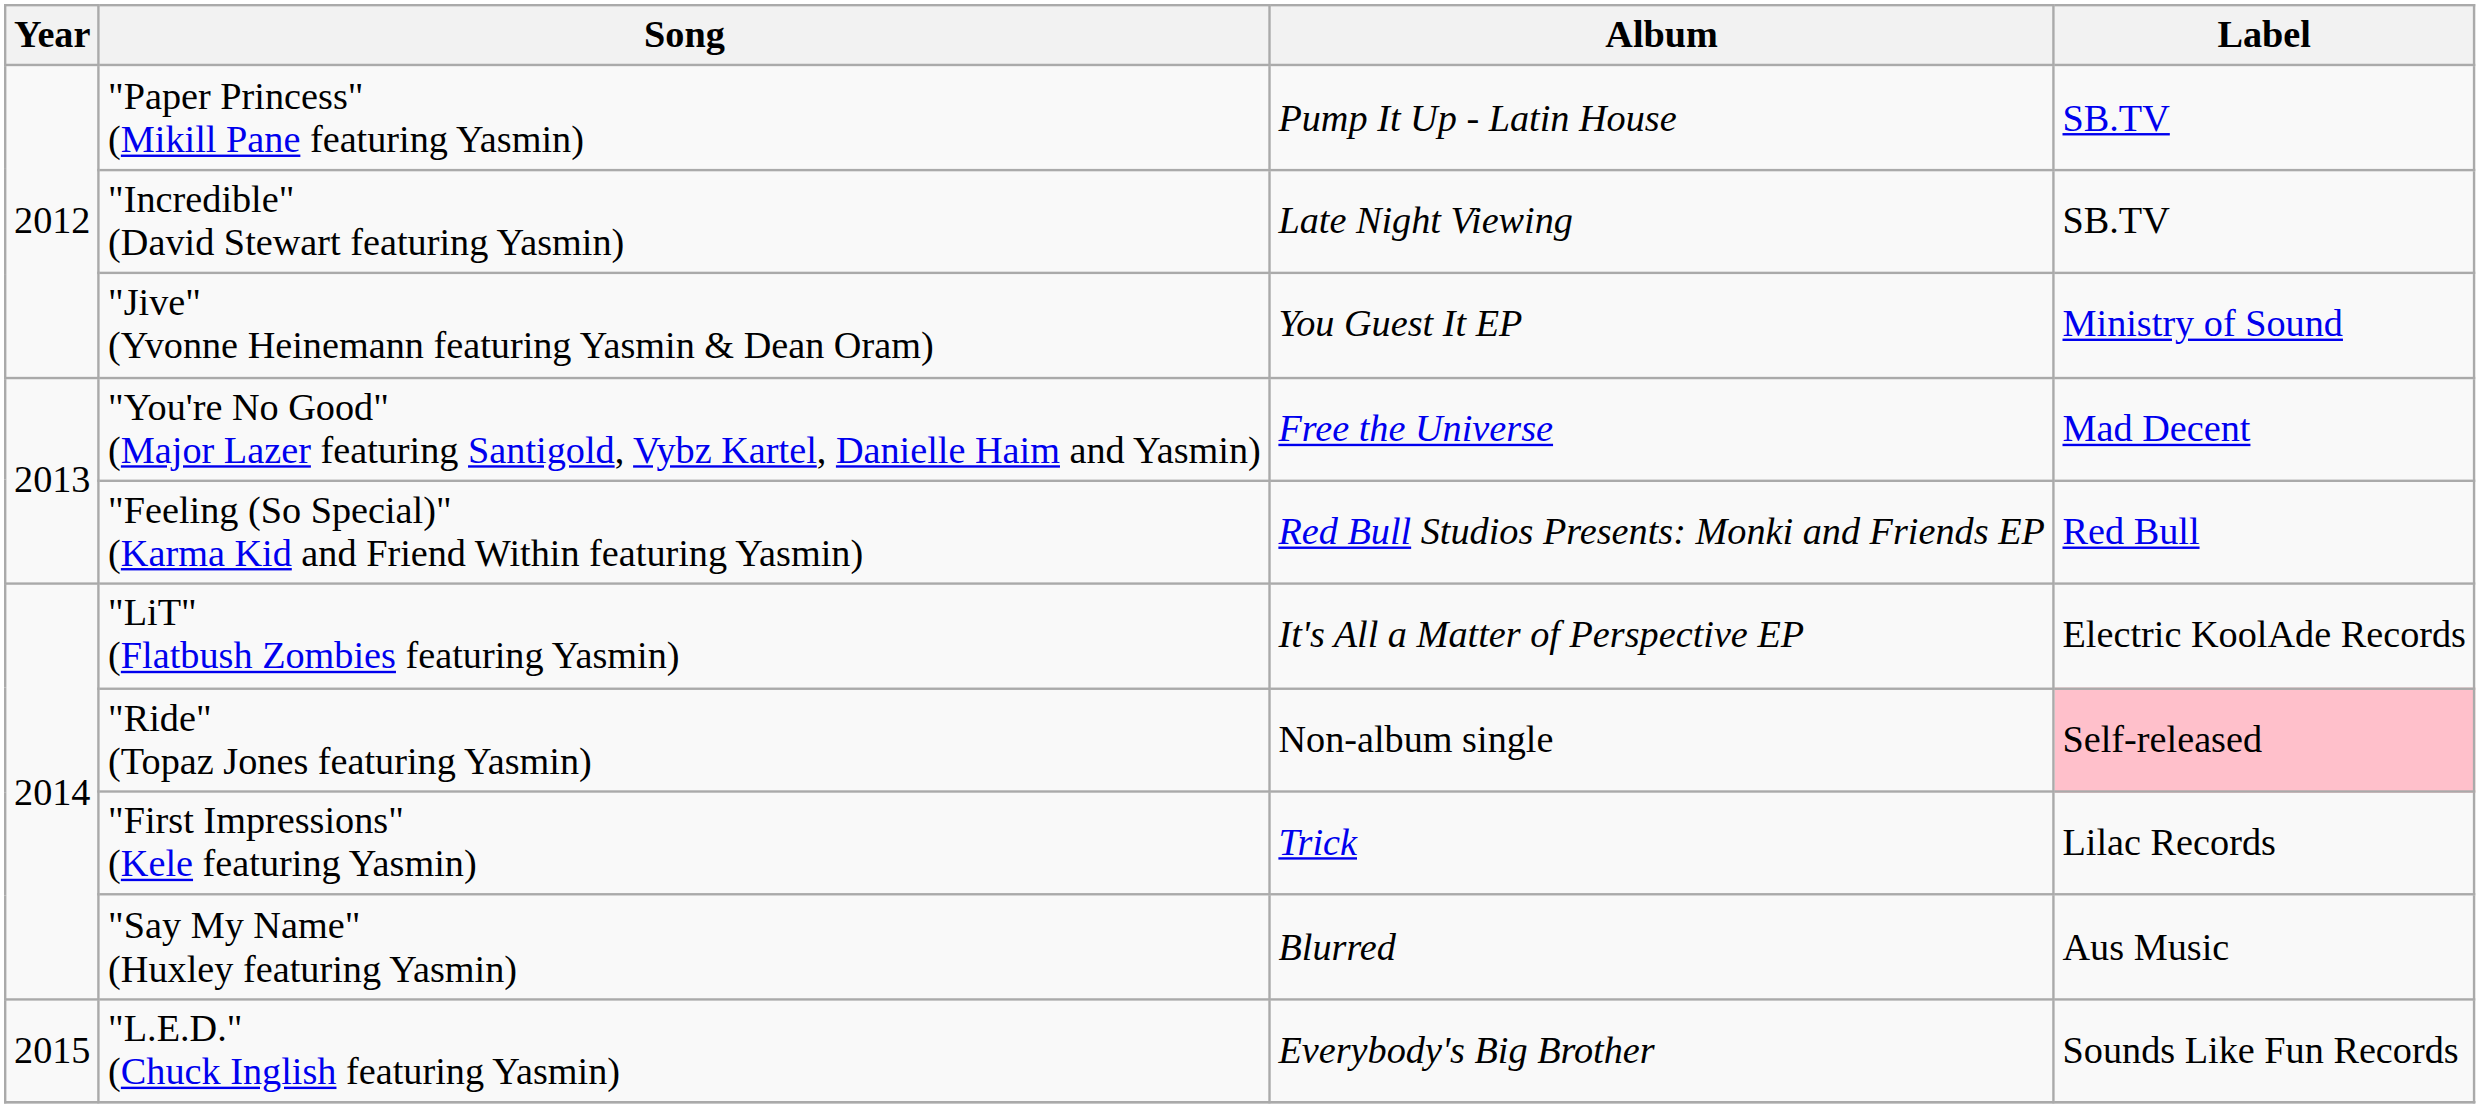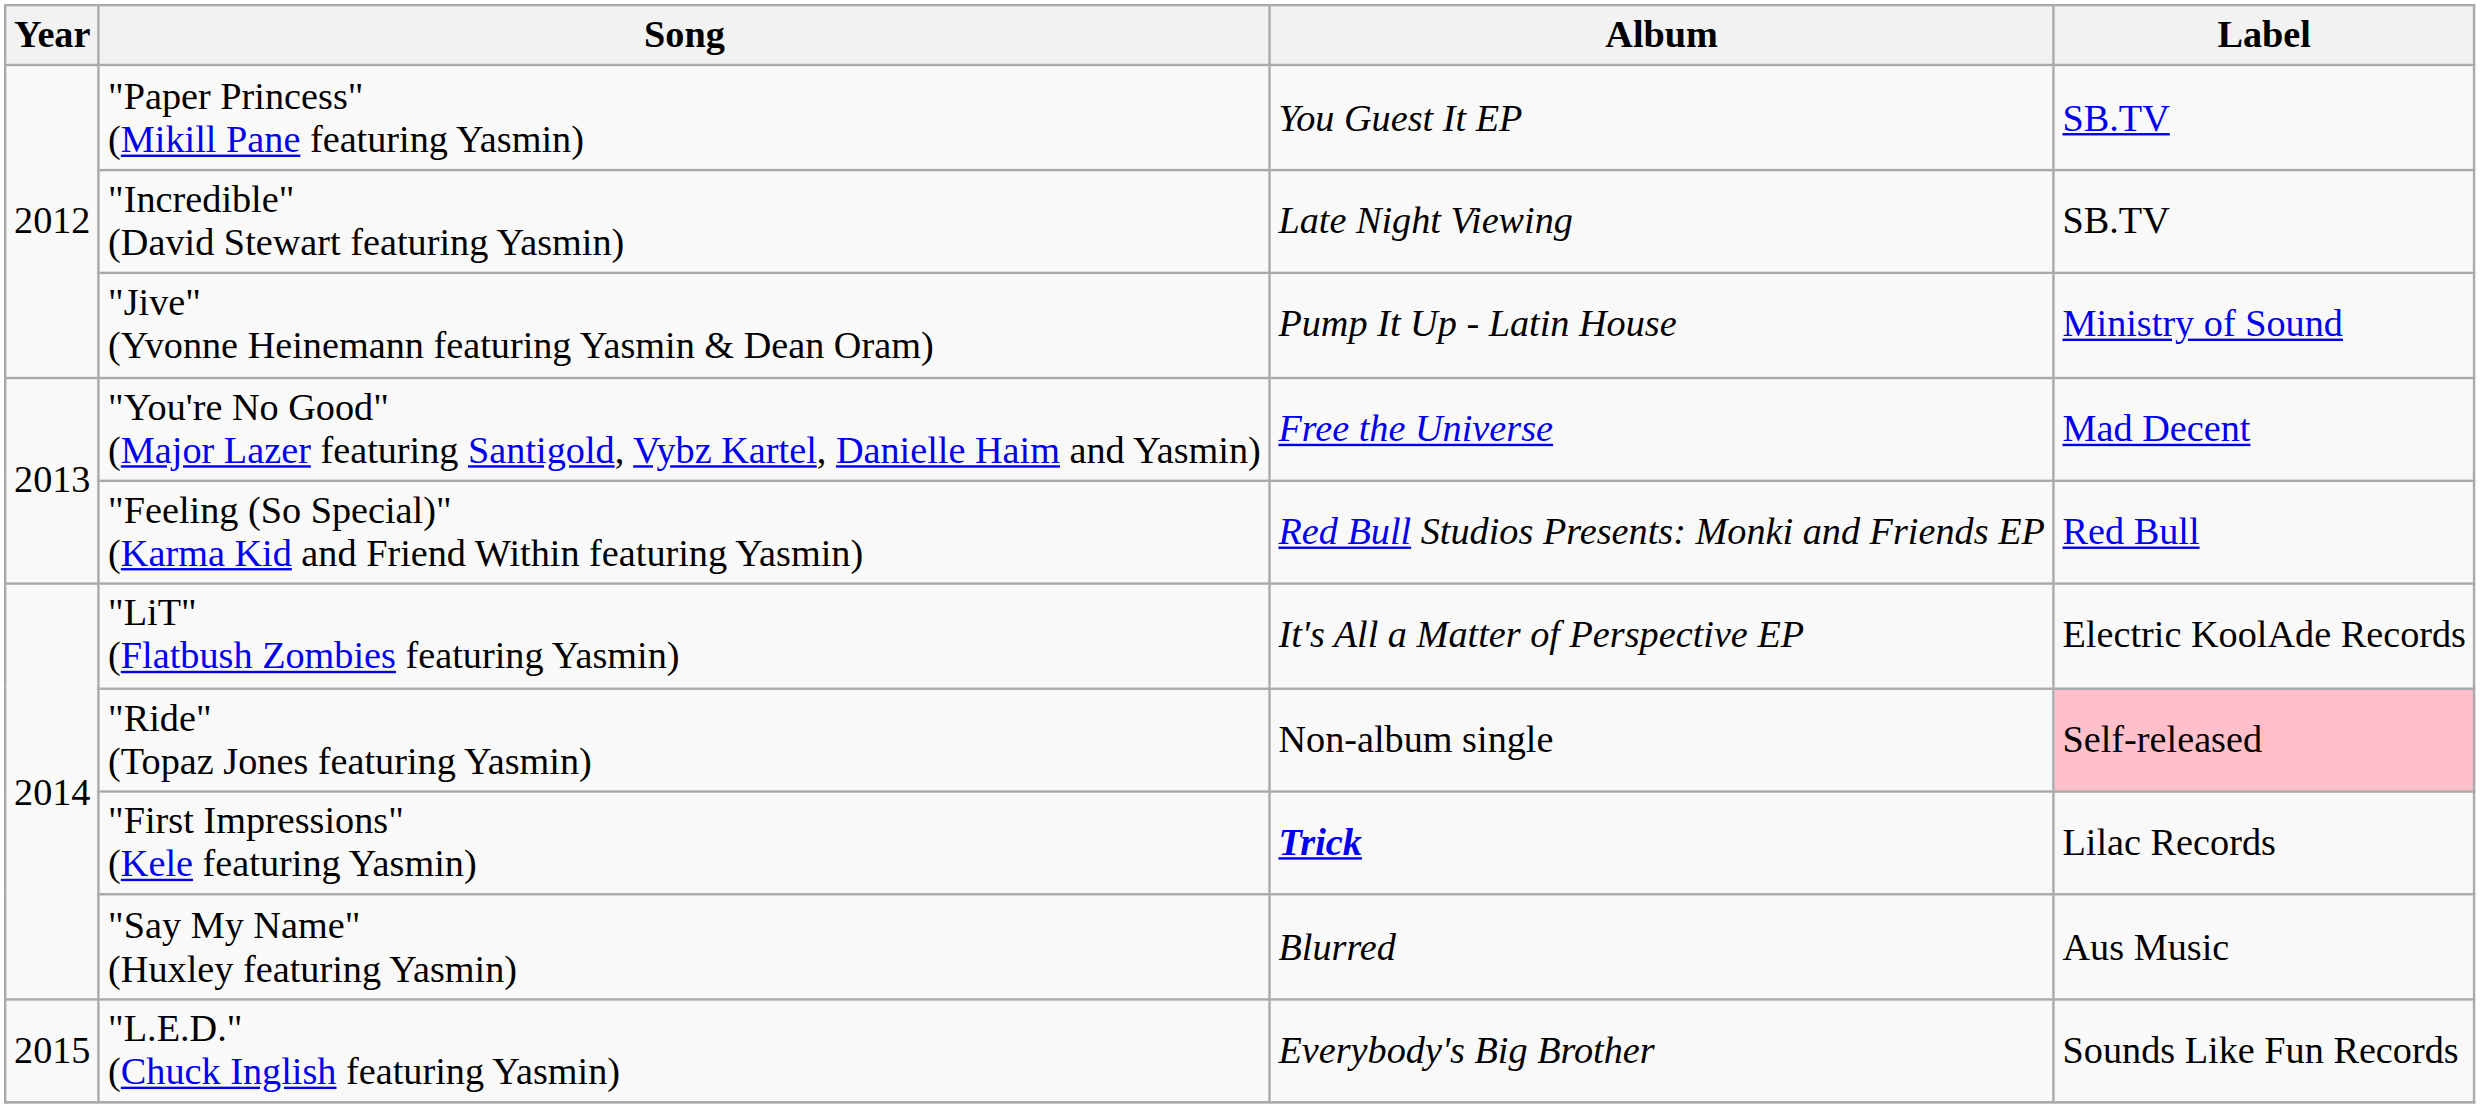 <table class="wikitable">
 <tr>
 <th>Year</th>
 <th>Song</th>
 <th>Album</th>
 <th>Label</th>
 </tr>
 <tr>
 <td rowspan="3">2012</td>
 <td>"Paper Princess"<br><span>(<a href='#'>Mikill Pane</a> featuring Yasmin)</span></td>
-<td><em>Pump It Up - Latin House</em></td>
+<td><em>You Guest It EP</em></td>
 <td><a href='#'>SB.TV</a></td>
 </tr>
 <tr>
 <td>"Incredible"<br><span>(David Stewart featuring Yasmin)</span></td>
 <td><em>Late Night Viewing</em></td>
 <td>SB.TV</td>
 </tr>
 <tr>
 <td>"Jive"<br><span>(Yvonne Heinemann featuring Yasmin & Dean Oram)</span></td>
-<td><em>You Guest It EP</em></td>
+<td><em>Pump It Up - Latin House</em></td>
 <td><a href='#'>Ministry of Sound</a></td>
 </tr>
 <tr>
 <td rowspan="2">2013</td>
 <td>"You're No Good"<br><span>(<a href='#'>Major Lazer</a> featuring <a href='#'>Santigold</a>, <a href='#'>Vybz Kartel</a>, <a href='#'>Danielle Haim</a> and Yasmin)</span></td>
 <td><em><a href='#'>Free the Universe</a></em></td>
 <td><a href='#'>Mad Decent</a></td>
 </tr>
 <tr>
 <td>"Feeling (So Special)"<br><span>(<a href='#'>Karma Kid</a> and Friend Within featuring Yasmin)</span></td>
 <td><em><a href='#'>Red Bull</a> Studios Presents: Monki and Friends EP</em></td>
 <td><a href='#'>Red Bull</a></td>
 </tr>
 <tr>
 <td rowspan="4">2014</td>
 <td>"LiT"<br><span>(<a href='#'>Flatbush Zombies</a> featuring Yasmin)</span></td>
 <td><em>It's All a Matter of Perspective EP</em></td>
 <td>Electric KoolAde Records</td>
 </tr>
 <tr>
 <td>"Ride"<br><span>(Topaz Jones featuring Yasmin)</span></td>
 <td>Non-album single</td>
 <td style="background: pink;">Self-released</td>
 </tr>
 <tr>
 <td>"First Impressions"<br><span>(<a href='#'>Kele</a> featuring Yasmin)</span></td>
-<td><em><a href='#'>Trick</a></em></td>
+<td><strong><em><a href='#'>Trick</a></em></strong></td>
 <td>Lilac Records</td>
 </tr>
 <tr>
 <td>"Say My Name"<br><span>(Huxley featuring Yasmin)</span></td>
 <td><em>Blurred</em></td>
 <td>Aus Music</td>
 </tr>
 <tr>
 <td rowspan="1">2015</td>
 <td>"L.E.D."<br><span>(<a href='#'>Chuck Inglish</a> featuring Yasmin)</span></td>
 <td><em>Everybody's Big Brother</em></td>
 <td>Sounds Like Fun Records</td>
 </tr>
 <tr>
 </tr>
 </table>
